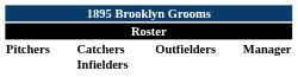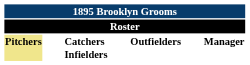 <table class="toccolours" style="font-size: 95%;">
 <tr>
 <th colspan="10" style="background-color: #083c6b; color: white; text-align: center;">1895 Brooklyn Grooms</th>
 </tr>
 <tr>
 <td colspan="10" style="background-color: black; color: white; text-align: center;"><strong>Roster</strong></td>
 </tr>
 <tr>
-<td valign="top"><strong>Pitchers</strong><br>       </td>
+<td valign="top" style="background: khaki;"><strong>Pitchers</strong><br>       </td>
 <td width="25px"></td>
 <td valign="top"><strong>Catchers</strong><br>   <strong>Infielders</strong>     </td>
 <td width="25px"></td>
 <td valign="top"><strong>Outfielders</strong><br>      </td>
 <td width="25px"></td>
 <td valign="top"><strong>Manager</strong><br></td>
 </tr>
 </table>
